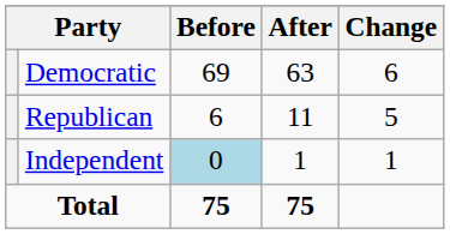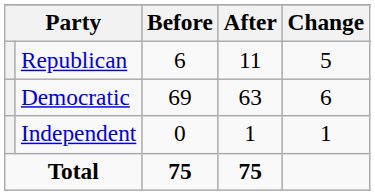 <table class="wikitable" style="text-align:center;">
 <tr>
 </tr>
 <tr>
 <th colspan=2>Party</th>
 <th>Before</th>
 <th>After</th>
 <th>Change</th>
 </tr>
 <tr>
 <th style="background-color:"></th>
+<td style="text-align:left;"><a href='#'>Republican</a></td>
+<td>6</td>
+<td>11</td>
+<td> 5</td>
+</tr>
+<tr>
+<th style="background-color:"></th>
 <td style="text-align:left;"><a href='#'>Democratic</a></td>
 <td>69</td>
 <td>63</td>
 <td> 6</td>
 </tr>
 <tr>
 <th style="background-color:"></th>
-<td style="text-align:left;"><a href='#'>Republican</a></td>
-<td>6</td>
-<td>11</td>
-<td> 5</td>
-</tr>
-<tr>
-<th style="background-color:"></th>
 <td style="text-align:left;"><a href='#'>Independent</a></td>
-<td style="background: lightblue;">0</td>
+<td>0</td>
 <td>1</td>
 <td> 1</td>
 </tr>
 <tr>
 <td colspan=2><strong>Total</strong></td>
 <td><strong>75</strong></td>
 <td><strong>75</strong></td>
 <td></td>
 </tr>
 </table>
